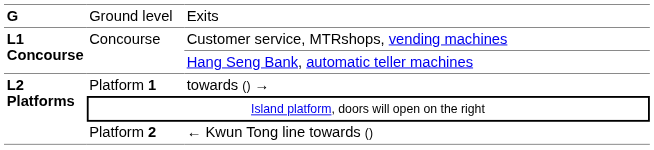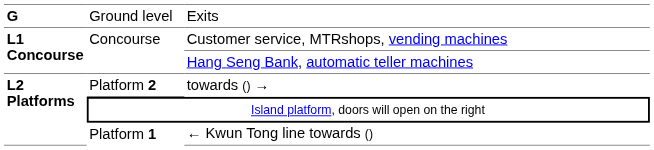 <table border=0 cellspacing=0 cellpadding=3>
 <tr>
 <td style="border-bottom:solid 1px gray;border-top:solid 1px gray;width:50px;vertical-align:top;"><strong>G</strong></td>
 <td style="border-top:solid 1px gray;border-bottom:solid 1px gray;width:100px;vertical-align:top;">Ground level</td>
 <td style="border-top:solid 1px gray;border-bottom:solid 1px gray;width:500px;vertical-align:top;">Exits</td>
 </tr>
 <tr>
 <td style="border-bottom:solid 1px gray;vertical-align:top;" rowspan=2><strong>L1<br>Concourse</strong></td>
 <td style="border-bottom:solid 1px gray;vertical-align:top;" rowspan=2>Concourse</td>
 <td style="border-bottom:solid 1px gray;">Customer service, MTRshops, <a href='#'>vending machines</a></td>
 </tr>
 <tr>
 <td style="border-bottom:solid 1px gray;"><a href='#'>Hang Seng Bank</a>, <a href='#'>automatic teller machines</a></td>
 </tr>
 <tr>
 <td style="border-bottom:solid 1px gray;vertical-align:top;" rowspan=3><strong>L2<br>Platforms</strong></td>
-<td>Platform <span><strong>1</strong></span></td>
+<td style="border-bottom:solid 1px gray;">Platform <span><strong>2</strong></span></td>
 <td>  towards  <small>()</small> →</td>
 </tr>
 <tr>
 <td style="border-top:solid 2px black;border-right:solid 2px black;border-left:solid 2px black;border-bottom:solid 2px black;text-align:center;" colspan=2><small><a href='#'>Island platform</a>, doors will open on the right</small></td>
 </tr>
 <tr>
-<td style="border-bottom:solid 1px gray;">Platform <span><strong>2</strong></span></td>
+<td>Platform <span><strong>1</strong></span></td>
 <td style="border-bottom:solid 1px gray;">←  Kwun Tong line towards  <small>()</small></td>
 </tr>
 </table>
